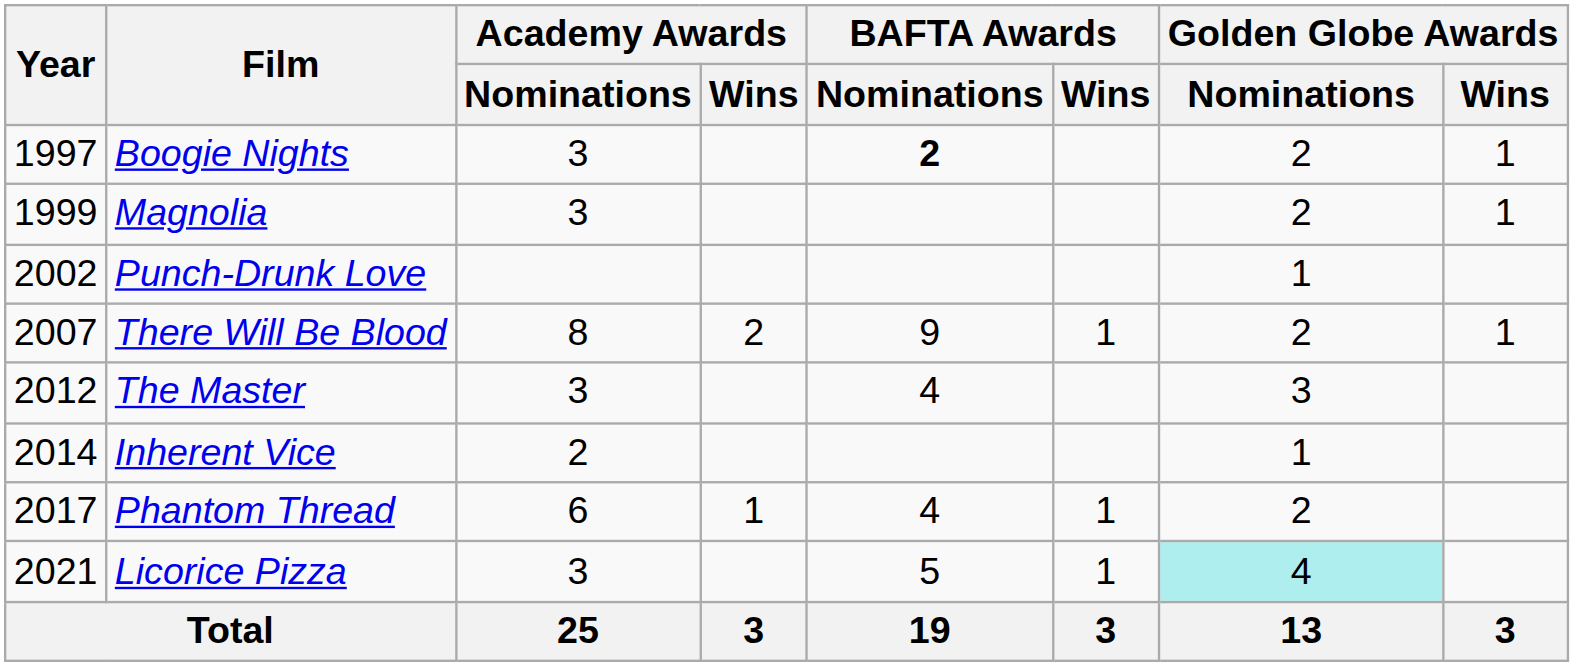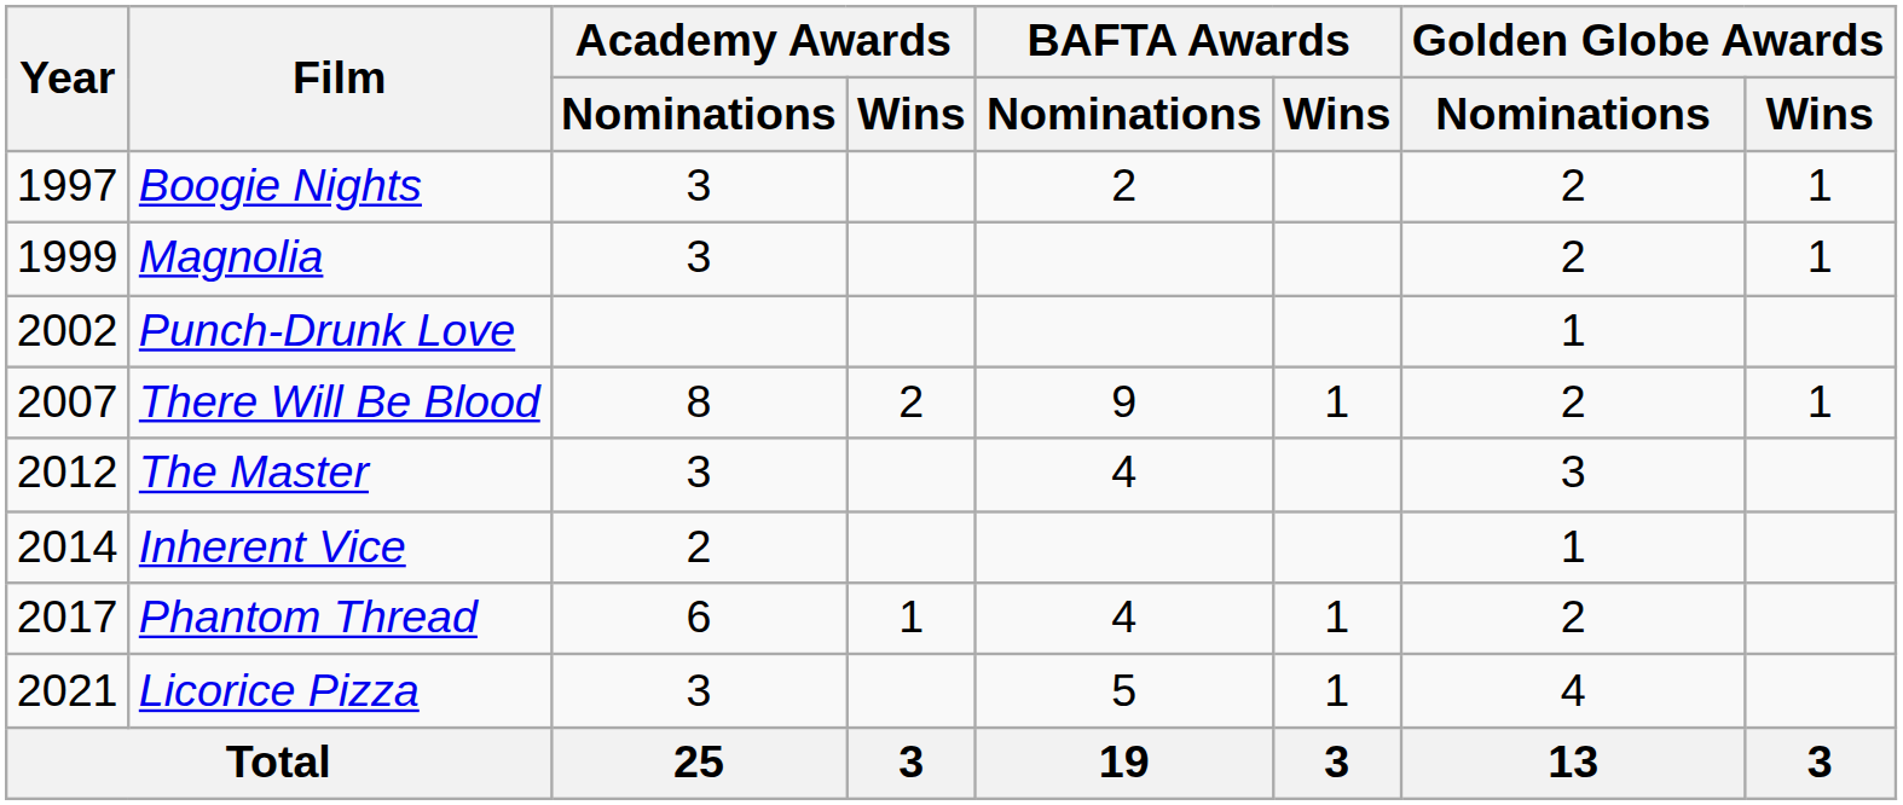 <table class="wikitable sortable">
 <tr>
 <th rowspan="2">Year</th>
 <th rowspan="2">Film</th>
 <th colspan="2" style="text-align:center;">Academy Awards</th>
 <th colspan="2" style="text-align:center;">BAFTA Awards</th>
 <th colspan="2" style="text-align:center;">Golden Globe Awards</th>
 </tr>
 <tr>
 <th>Nominations</th>
 <th>Wins</th>
 <th>Nominations</th>
 <th>Wins</th>
 <th>Nominations</th>
 <th>Wins</th>
 </tr>
 <tr>
 <td>1997</td>
 <td><em><a href='#'>Boogie Nights</a></em></td>
 <td align=center>3</td>
 <td></td>
-<td align=center><strong>2</strong></td>
+<td align=center>2</td>
 <td></td>
 <td align=center>2</td>
 <td align=center>1</td>
 </tr>
 <tr>
 <td>1999</td>
 <td><em><a href='#'>Magnolia</a></em></td>
 <td align=center>3</td>
 <td></td>
 <td></td>
 <td></td>
 <td align=center>2</td>
 <td align=center>1</td>
 </tr>
 <tr>
 <td>2002</td>
 <td><em><a href='#'>Punch-Drunk Love</a></em></td>
 <td></td>
 <td></td>
 <td></td>
 <td></td>
 <td align=center>1</td>
 <td></td>
 </tr>
 <tr>
 <td>2007</td>
 <td><em><a href='#'>There Will Be Blood</a></em></td>
 <td align=center>8</td>
 <td align=center>2</td>
 <td align=center>9</td>
 <td align=center>1</td>
 <td align=center>2</td>
 <td align=center>1</td>
 </tr>
 <tr>
 <td>2012</td>
 <td><em><a href='#'>The Master</a></em></td>
 <td align=center>3</td>
 <td></td>
 <td align=center>4</td>
 <td></td>
 <td align=center>3</td>
 <td></td>
 </tr>
 <tr>
 <td>2014</td>
 <td><em><a href='#'>Inherent Vice</a></em></td>
 <td align=center>2</td>
 <td></td>
 <td></td>
 <td></td>
 <td align=center>1</td>
 <td></td>
 </tr>
 <tr>
 <td>2017</td>
 <td><em><a href='#'>Phantom Thread</a></em></td>
 <td align=center>6</td>
 <td align=center>1</td>
 <td align=center>4</td>
 <td align=center>1</td>
 <td align=center>2</td>
 <td></td>
 </tr>
 <tr>
 <td>2021</td>
 <td><em><a href='#'>Licorice Pizza</a></em></td>
 <td align=center>3</td>
 <td align=center></td>
 <td align=center>5</td>
 <td align=center>1</td>
-<td align=center style="background: paleturquoise;">4</td>
+<td align=center>4</td>
 <td align=center></td>
 </tr>
 <tr>
 <th colspan="2"><strong>Total</strong></th>
 <th align=center>25</th>
 <th align=center>3</th>
 <th align=center>19</th>
 <th align=center>3</th>
 <th align=center>13</th>
 <th align=center>3</th>
 </tr>
 </table>
